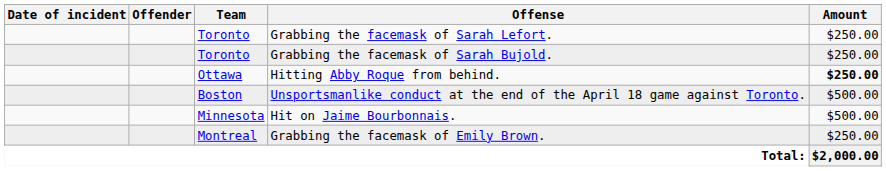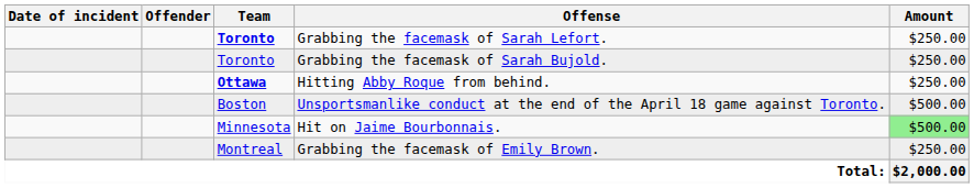 <table class="wikitable sortable" style="border:0;">
 <tr>
 <th>Date of incident</th>
 <th>Offender</th>
 <th>Team</th>
 <th>Offense</th>
 <th>Amount</th>
 </tr>
 <tr>
 <td></td>
 <td></td>
-<td><a href='#'>Toronto</a></td>
+<td><strong><a href='#'>Toronto</a></strong></td>
 <td>Grabbing the <a href='#'>facemask</a> of <a href='#'>Sarah Lefort</a>.</td>
 <td style="text-align:right;" data-sort-value="25000">$250.00</td>
 </tr>
 <tr bgcolor="eeeeee">
 <td></td>
 <td></td>
 <td><a href='#'>Toronto</a></td>
 <td>Grabbing the facemask of <a href='#'>Sarah Bujold</a>.</td>
 <td style="text-align:right;" data-sort-value="25000">$250.00</td>
 </tr>
 <tr>
 <td></td>
 <td></td>
-<td><a href='#'>Ottawa</a></td>
+<td><strong><a href='#'>Ottawa</a></strong></td>
 <td>Hitting <a href='#'>Abby Roque</a> from behind.</td>
-<td style="text-align:right;" data-sort-value="25000"><strong>$250.00</strong></td>
+<td style="text-align:right;" data-sort-value="25000">$250.00</td>
 </tr>
 <tr bgcolor="eeeeee">
 <td></td>
 <td></td>
 <td><a href='#'>Boston</a></td>
 <td><a href='#'>Unsportsmanlike conduct</a> at the end of the April 18 game against <a href='#'>Toronto</a>.</td>
 <td style="text-align:right;" data-sort-value="50000">$500.00</td>
 </tr>
 <tr>
 <td></td>
 <td></td>
 <td><a href='#'>Minnesota</a></td>
 <td>Hit on <a href='#'>Jaime Bourbonnais</a>.</td>
-<td style="text-align:right;" data-sort-value="50000">$500.00</td>
+<td style="background: lightgreen; text-align:right;" data-sort-value="50000">$500.00</td>
 </tr>
 <tr bgcolor="eeeeee">
 <td></td>
 <td></td>
 <td><a href='#'>Montreal</a></td>
 <td>Grabbing the facemask of <a href='#'>Emily Brown</a>.</td>
 <td style="text-align:right;" data-sort-value="25000">$250.00</td>
 </tr>
 <tr>
 <th colspan="4" style="text-align:right; border:0; background:#fff;">Total:</th>
 <th style="text-align:right;">$2,000.00</th>
 </tr>
 </table>
